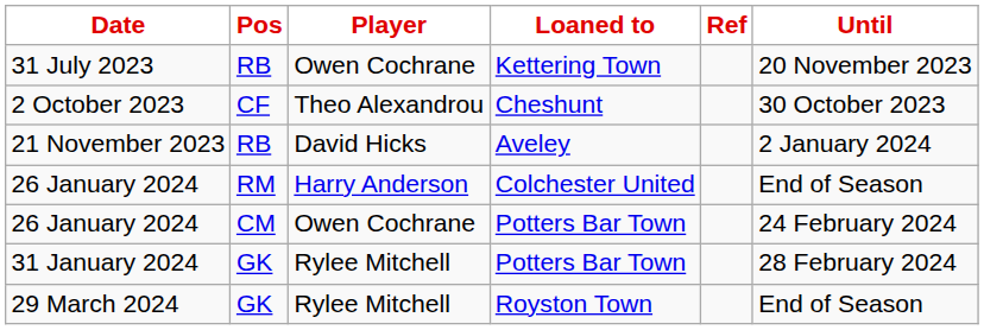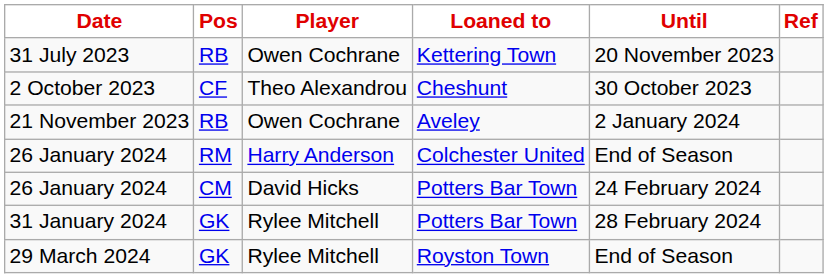 <table class="wikitable plainrowheaders sortable">
 <tr>
 <th style="background:white; color:#E00000; ">Date</th>
 <th style="background:white; color:#E00000; ">Pos</th>
 <th style="background:white; color:#E00000; ">Player</th>
 <th style="background:white; color:#E00000; ">Loaned to</th>
+<th style="background:white; color:#E00000; ">Until</th>
 <th style="background:white; color:#E00000; ">Ref</th>
-<th style="background:white; color:#E00000; ">Until</th>
 </tr>
 <tr>
 <td>31 July 2023</td>
 <td><a href='#'>RB</a></td>
 <td> Owen Cochrane</td>
 <td> <a href='#'>Kettering Town</a></td>
+<td>20 November 2023</td>
 <td></td>
-<td>20 November 2023</td>
 </tr>
 <tr>
 <td>2 October 2023</td>
 <td><a href='#'>CF</a></td>
 <td> Theo Alexandrou</td>
 <td> <a href='#'>Cheshunt</a></td>
+<td>30 October 2023</td>
 <td></td>
-<td>30 October 2023</td>
 </tr>
 <tr>
 <td>21 November 2023</td>
 <td><a href='#'>RB</a></td>
-<td> David Hicks</td>
+<td> Owen Cochrane</td>
 <td> <a href='#'>Aveley</a></td>
+<td>2 January 2024</td>
 <td></td>
-<td>2 January 2024</td>
 </tr>
 <tr>
 <td>26 January 2024</td>
 <td><a href='#'>RM</a></td>
 <td> <a href='#'>Harry Anderson</a></td>
 <td> <a href='#'>Colchester United</a></td>
+<td>End of Season</td>
 <td></td>
-<td>End of Season</td>
 </tr>
 <tr>
 <td>26 January 2024</td>
 <td><a href='#'>CM</a></td>
-<td> Owen Cochrane</td>
+<td> David Hicks</td>
 <td> <a href='#'>Potters Bar Town</a></td>
+<td>24 February 2024</td>
 <td></td>
-<td>24 February 2024</td>
 </tr>
 <tr>
 <td>31 January 2024</td>
 <td><a href='#'>GK</a></td>
 <td> Rylee Mitchell</td>
 <td> <a href='#'>Potters Bar Town</a></td>
+<td>28 February 2024</td>
 <td></td>
-<td>28 February 2024</td>
 </tr>
 <tr>
 <td>29 March 2024</td>
 <td><a href='#'>GK</a></td>
 <td> Rylee Mitchell</td>
 <td> <a href='#'>Royston Town</a></td>
+<td>End of Season</td>
 <td></td>
-<td>End of Season</td>
 </tr>
 </table>
